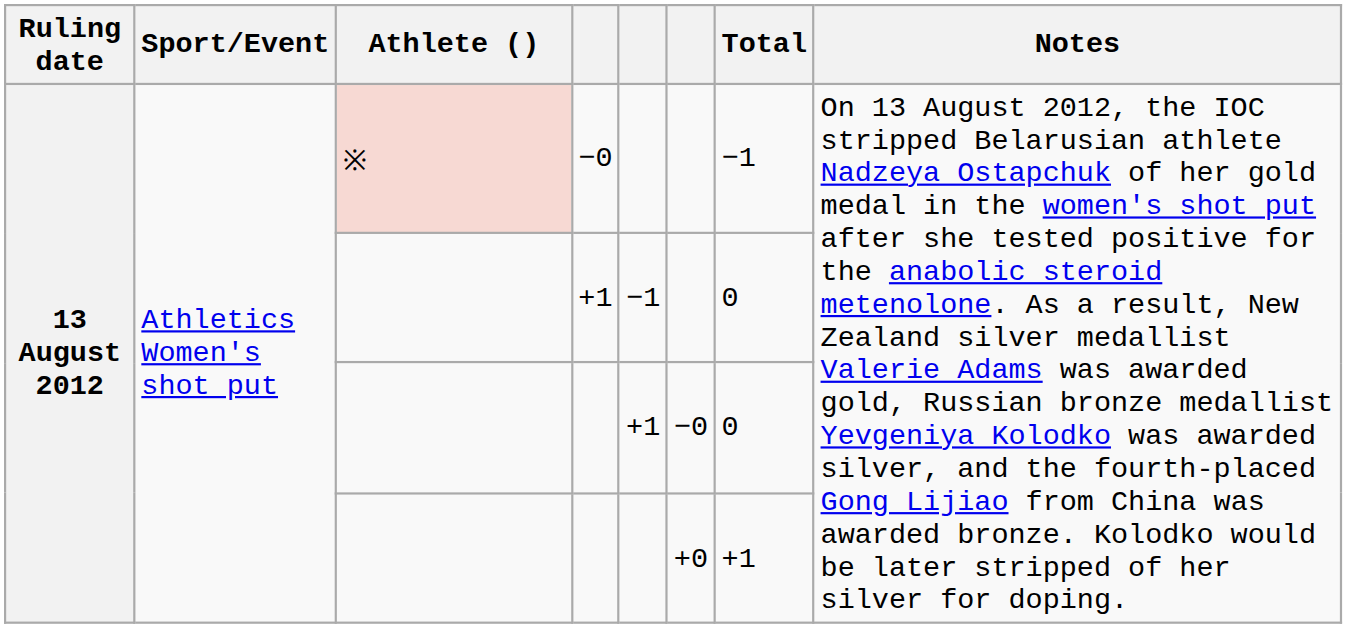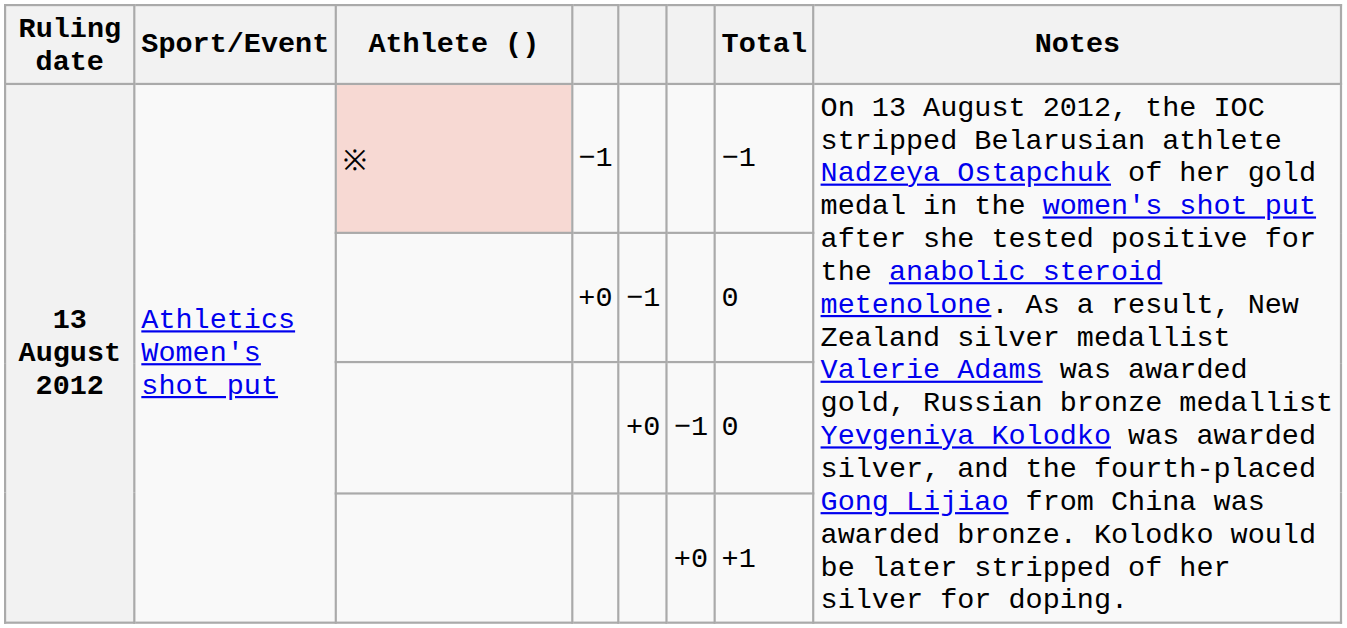 <table class="wikitable plainrowheaders">
 <tr>
 <th scope="col" align="center" style="width:10%">Ruling date</th>
 <th scope="col" align="center" style="width:13%">Sport/Event</th>
 <th scope="col" align="center" style="width:20%">Athlete ()</th>
 <th scope="col" align="center" style="width:2%"></th>
 <th scope="col" align="center" style="width:2%"></th>
 <th scope="col" align="center" style="width:2%"></th>
 <th scope="col" align="center" style="width:4%">Total</th>
 <th scope="col" align="center" class="unsortable" style="width:50%">Notes</th>
 </tr>
 <tr>
 <th scope="row" rowspan=4>13 August 2012</th>
 <td rowspan=4><a href='#'>Athletics</a><br><a href='#'>Women's shot put</a></td>
 <td style="background-color: #F7D9D3;" align=left> ※</td>
-<td>−0</td>
+<td>−1</td>
 <td></td>
 <td></td>
 <td>−1</td>
 <td rowspan=4 style="text-align:left;">On 13 August 2012, the IOC stripped Belarusian athlete <a href='#'>Nadzeya Ostapchuk</a> of her gold medal in the <a href='#'>women's shot put</a> after she tested positive for the <a href='#'>anabolic steroid</a> <a href='#'>metenolone</a>. As a result, New Zealand silver medallist <a href='#'>Valerie Adams</a> was awarded gold, Russian bronze medallist <a href='#'>Yevgeniya Kolodko</a> was awarded silver, and the fourth-placed <a href='#'>Gong Lijiao</a> from China was awarded bronze. Kolodko would be later stripped of her silver for doping.</td>
 </tr>
 <tr>
 <td align=left></td>
-<td>+1</td>
+<td>+0</td>
 <td>−1</td>
 <td></td>
 <td>0</td>
 </tr>
 <tr>
 <td align=left></td>
 <td></td>
-<td>+1</td>
-<td>−0</td>
+<td>+0</td>
+<td>−1</td>
 <td>0</td>
 </tr>
 <tr>
 <td align=left></td>
 <td></td>
 <td></td>
 <td>+0</td>
 <td>+1</td>
 </tr>
 </table>
